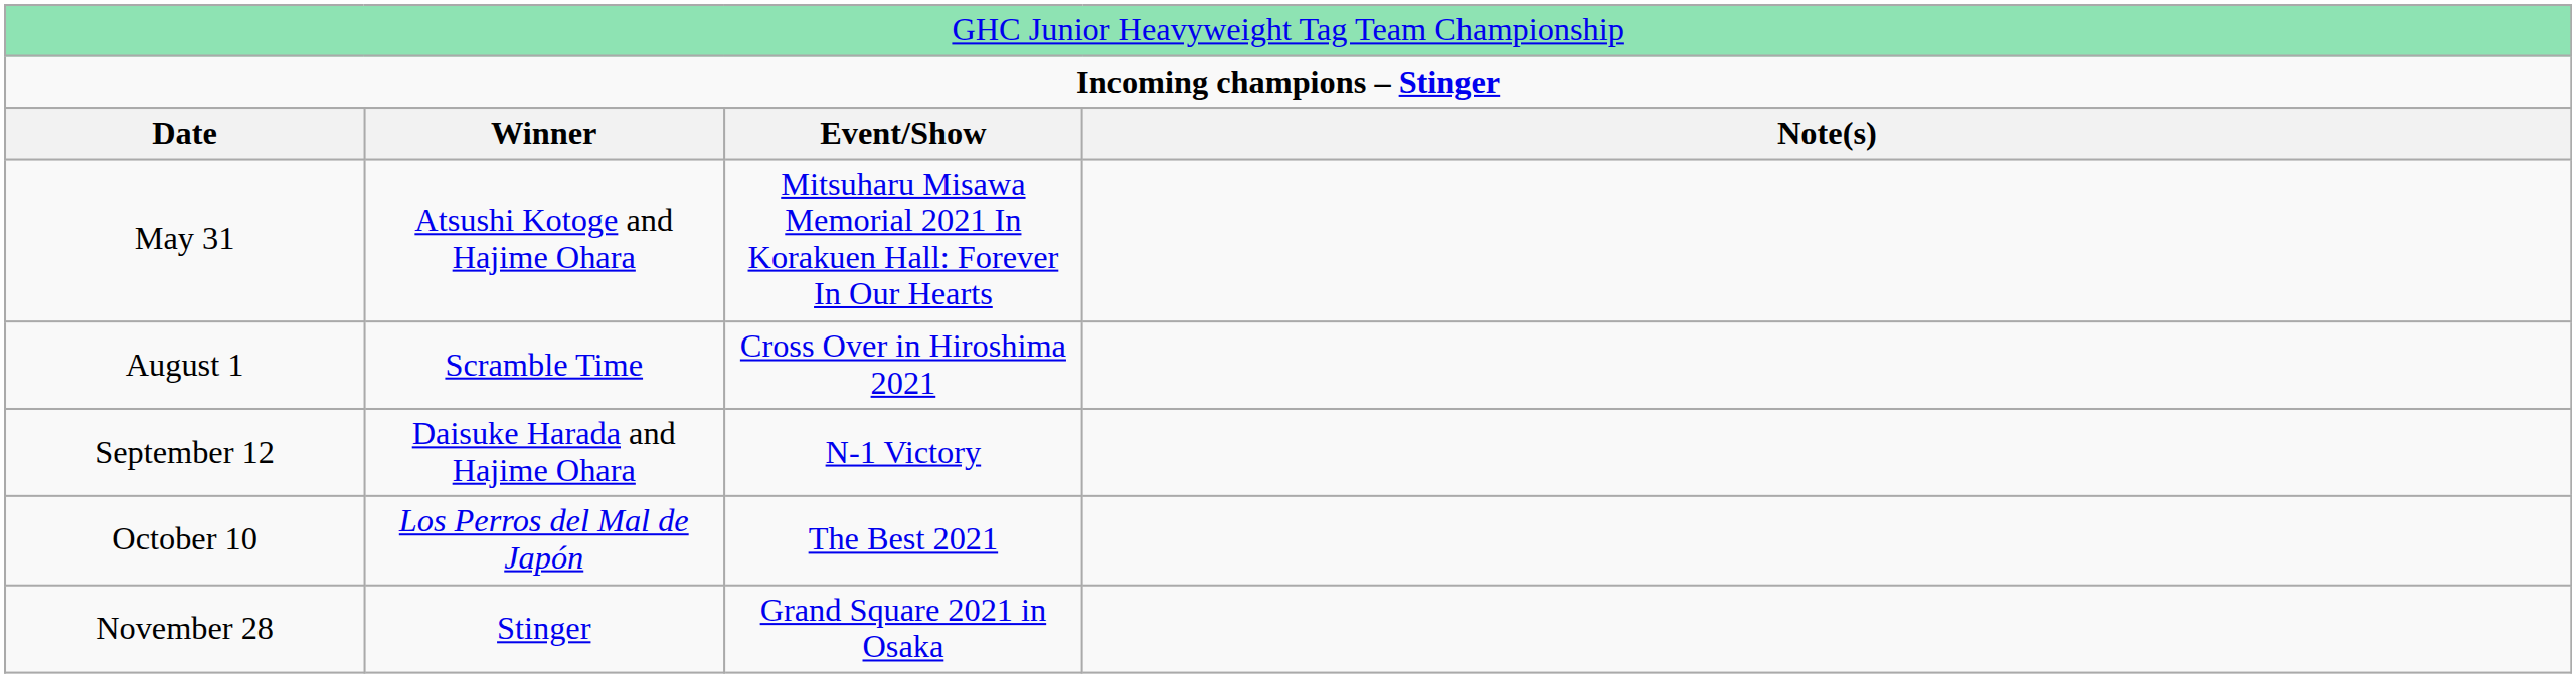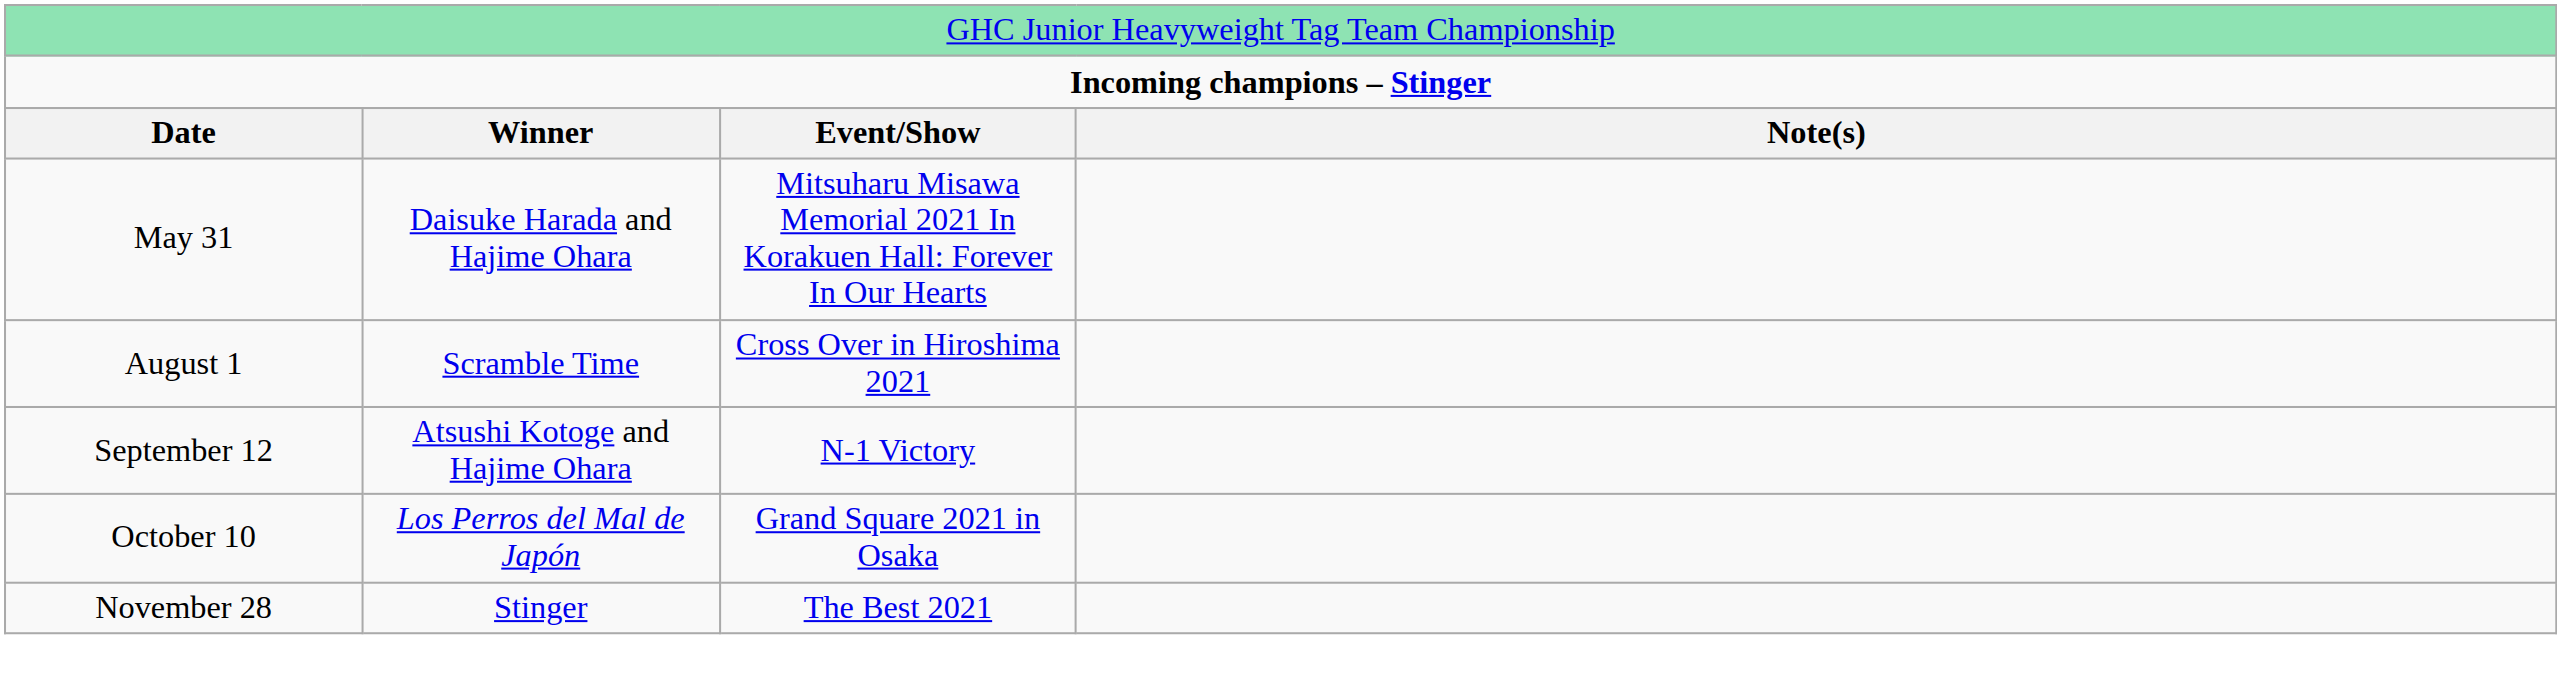 <table class="wikitable" style="text-align:center; width:100%;">
 <tr style="background:#8ee3b3;">
 <td colspan="5" style="text-align: center;"><a href='#'>GHC Junior Heavyweight Tag Team Championship</a></td>
 </tr>
 <tr>
 <td colspan="5" style="text-align: center;"><strong>Incoming champions – <a href='#'>Stinger</a><br></strong></td>
 </tr>
 <tr>
 <th width=14%>Date</th>
 <th width=14%>Winner</th>
 <th width=14%>Event/Show</th>
 <th width=58%>Note(s)</th>
 </tr>
 <tr>
 <td>May 31</td>
-<td><a href='#'>Atsushi Kotoge</a> and <a href='#'>Hajime Ohara</a></td>
+<td><a href='#'>Daisuke Harada</a> and <a href='#'>Hajime Ohara</a></td>
 <td><a href='#'>Mitsuharu Misawa Memorial 2021 In Korakuen Hall: Forever In Our Hearts</a></td>
 <td></td>
 </tr>
 <tr>
 <td>August 1</td>
 <td><a href='#'>Scramble Time</a><br></td>
 <td><a href='#'>Cross Over in Hiroshima 2021</a></td>
 <td></td>
 </tr>
 <tr>
 <td>September 12</td>
-<td><a href='#'>Daisuke Harada</a> and <a href='#'>Hajime Ohara</a></td>
+<td><a href='#'>Atsushi Kotoge</a> and <a href='#'>Hajime Ohara</a></td>
 <td><a href='#'>N-1 Victory</a><br></td>
 </tr>
 <tr>
 <td>October 10</td>
 <td><em><a href='#'>Los Perros del Mal de Japón</a></em><br></td>
-<td><a href='#'>The Best 2021</a></td>
+<td><a href='#'>Grand Square 2021 in Osaka</a></td>
 <td></td>
 </tr>
 <tr>
 <td>November 28</td>
 <td><a href='#'>Stinger</a><br></td>
-<td><a href='#'>Grand Square 2021 in Osaka</a></td>
+<td><a href='#'>The Best 2021</a></td>
 <td></td>
 </tr>
 </table>
